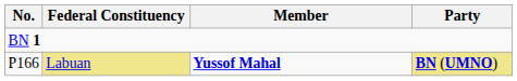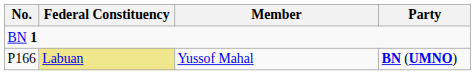 <table class ="wikitable sortable">
 <tr>
 <th style="width:30px;">No.</th>
 <th style="width:150px;">Federal Constituency</th>
 <th style="width:230px;">Member</th>
 <th style="width:100px;">Party</th>
 </tr>
 <tr>
 <td colspan="4"><a href='#'>BN</a> <strong>1</strong></td>
 </tr>
 <tr>
 <td>P166</td>
 <td style="background: khaki;"><a href='#'>Labuan</a></td>
-<td><strong><a href='#'>Yussof Mahal</a></strong></td>
-<td style="background: khaki;"><strong><a href='#'>BN</a></strong> (<strong><a href='#'>UMNO</a></strong>)</td>
+<td><a href='#'>Yussof Mahal</a></td>
+<td><strong><a href='#'>BN</a></strong> (<strong><a href='#'>UMNO</a></strong>)</td>
 </tr>
 </table>
